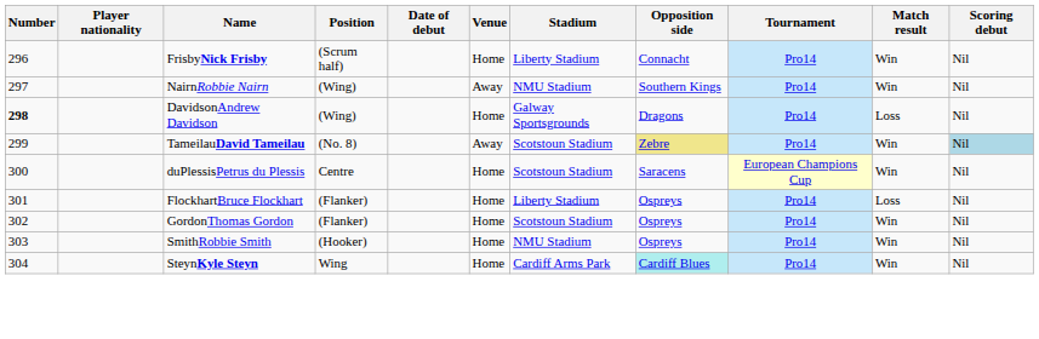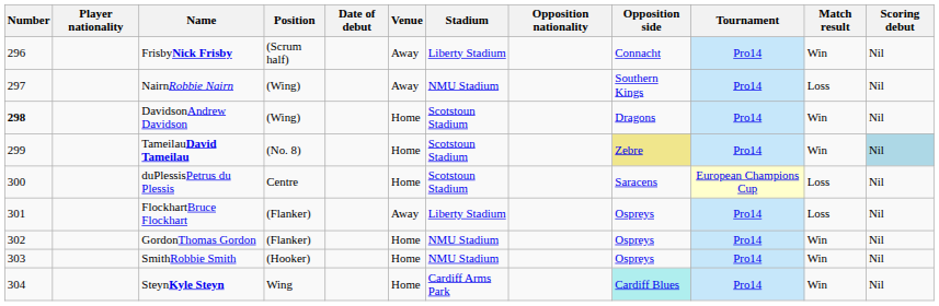 <table class="sortable wikitable">
 <tr>
 <th data-sort-type="number">Number</th>
 <th>Player nationality</th>
 <th>Name</th>
 <th>Position</th>
 <th>Date of debut</th>
 <th>Venue</th>
 <th>Stadium</th>
+<th>Opposition nationality</th>
 <th>Opposition side</th>
 <th>Tournament</th>
 <th>Match result</th>
 <th>Scoring debut</th>
 </tr>
 <tr>
 <td>296</td>
 <td style="text-align:center;"></td>
 <td><span>Frisby</span><strong><a href='#'>Nick Frisby</a></strong></td>
 <td>(Scrum half)</td>
 <td></td>
-<td>Home</td>
+<td>Away</td>
 <td><a href='#'>Liberty Stadium</a></td>
+<td style="text-align:center;"></td>
 <td><a href='#'>Connacht</a></td>
 <td style="text-align:center; background:#C6E7FA;"><a href='#'>Pro14</a></td>
 <td>Win</td>
 <td>Nil</td>
 </tr>
 <tr>
 <td>297</td>
 <td style="text-align:center;"></td>
 <td><span>Nairn</span><em><a href='#'>Robbie Nairn</a></em></td>
 <td>(Wing)</td>
 <td></td>
 <td>Away</td>
 <td><a href='#'>NMU Stadium</a></td>
+<td style="text-align:center;"></td>
 <td><a href='#'>Southern Kings</a></td>
 <td style="text-align:center; background:#C6E7FA;"><a href='#'>Pro14</a></td>
-<td>Win</td>
+<td>Loss</td>
 <td>Nil</td>
 </tr>
 <tr>
 <td><strong>298</strong></td>
 <td style="text-align:center;"></td>
 <td><span>Davidson</span><a href='#'>Andrew Davidson</a></td>
 <td>(Wing)</td>
 <td></td>
 <td>Home</td>
-<td><a href='#'>Galway Sportsgrounds</a></td>
+<td><a href='#'>Scotstoun Stadium</a></td>
+<td style="text-align:center;"></td>
 <td><a href='#'>Dragons</a></td>
 <td style="text-align:center; background:#C6E7FA;"><a href='#'>Pro14</a></td>
-<td>Loss</td>
+<td>Win</td>
 <td>Nil</td>
 </tr>
 <tr>
 <td>299</td>
 <td style="text-align:center;"></td>
 <td><span>Tameilau</span><strong><a href='#'>David Tameilau</a></strong></td>
 <td>(No. 8)</td>
 <td></td>
-<td>Away</td>
+<td>Home</td>
 <td><a href='#'>Scotstoun Stadium</a></td>
+<td style="text-align:center;"></td>
 <td style="background: khaki;"><a href='#'>Zebre</a></td>
 <td style="text-align:center; background:#C6E7FA;"><a href='#'>Pro14</a></td>
 <td>Win</td>
 <td style="background: lightblue;">Nil</td>
 </tr>
 <tr>
 <td>300</td>
 <td style="text-align:center;"></td>
 <td><span>duPlessis</span><a href='#'>Petrus du Plessis</a></td>
 <td>Centre</td>
 <td></td>
 <td>Home</td>
 <td><a href='#'>Scotstoun Stadium</a></td>
+<td style="text-align:center;"></td>
 <td><a href='#'>Saracens</a></td>
 <td style="text-align:center;background:#ffffcc;"><a href='#'>European Champions Cup</a></td>
-<td>Win</td>
+<td>Loss</td>
 <td>Nil</td>
 </tr>
 <tr>
 <td>301</td>
 <td style="text-align:center;"></td>
 <td><span>Flockhart</span><a href='#'>Bruce Flockhart</a></td>
 <td>(Flanker)</td>
 <td></td>
-<td>Home</td>
+<td>Away</td>
 <td><a href='#'>Liberty Stadium</a></td>
+<td style="text-align:center;"></td>
 <td><a href='#'>Ospreys</a></td>
 <td style="text-align:center; background:#C6E7FA;"><a href='#'>Pro14</a></td>
 <td>Loss</td>
 <td>Nil</td>
 </tr>
 <tr>
 <td>302</td>
 <td style="text-align:center;"></td>
 <td><span>Gordon</span><a href='#'>Thomas Gordon</a></td>
 <td>(Flanker)</td>
 <td></td>
 <td>Home</td>
-<td><a href='#'>Scotstoun Stadium</a></td>
+<td><a href='#'>NMU Stadium</a></td>
+<td style="text-align:center;"></td>
 <td><a href='#'>Ospreys</a></td>
 <td style="text-align:center; background:#C6E7FA;"><a href='#'>Pro14</a></td>
 <td>Win</td>
 <td>Nil</td>
 </tr>
 <tr>
 <td>303</td>
 <td style="text-align:center;"></td>
 <td><span>Smith</span><a href='#'>Robbie Smith</a></td>
 <td>(Hooker)</td>
 <td></td>
 <td>Home</td>
 <td><a href='#'>NMU Stadium</a></td>
+<td style="text-align:center;"></td>
 <td><a href='#'>Ospreys</a></td>
 <td style="text-align:center; background:#C6E7FA;"><a href='#'>Pro14</a></td>
 <td>Win</td>
 <td>Nil</td>
 </tr>
 <tr>
 <td>304</td>
 <td style="text-align:center;"></td>
 <td><span>Steyn</span><strong><a href='#'>Kyle Steyn</a></strong></td>
 <td>Wing</td>
 <td></td>
 <td>Home</td>
 <td><a href='#'>Cardiff Arms Park</a></td>
+<td style="text-align:center;"></td>
 <td style="background: paleturquoise;"><a href='#'>Cardiff Blues</a></td>
 <td style="text-align:center; background:#C6E7FA;"><a href='#'>Pro14</a></td>
 <td>Win</td>
 <td>Nil</td>
 </tr>
 </table>
